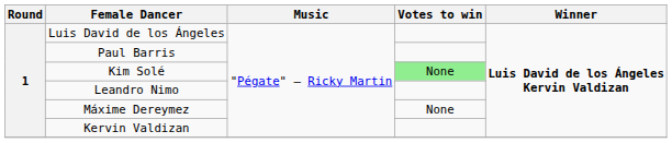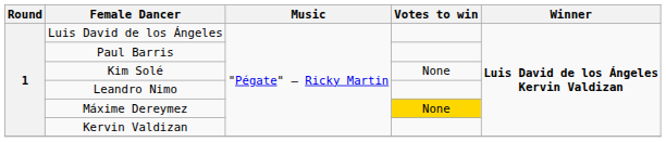 <table class="wikitable" style="text-align:center">
 <tr>
 <th>Round</th>
 <th>Female Dancer</th>
 <th>Music</th>
 <th>Votes to win</th>
 <th>Winner</th>
 </tr>
 <tr>
 <th rowspan=6>1</th>
 <td> Luis David de los Ángeles</td>
 <td rowspan=6>"<a href='#'>Pégate</a>" – <a href='#'>Ricky Martin</a></td>
 <td>       </td>
 <td rowspan=6><strong>Luis David de los Ángeles</strong><br><strong>Kervin Valdizan</strong></td>
 </tr>
 <tr>
 <td> Paul Barris</td>
 <td> </td>
 </tr>
 <tr>
 <td> Kim Solé</td>
-<td style="background: lightgreen;">None</td>
+<td>None</td>
 </tr>
 <tr>
 <td> Leandro Nimo</td>
 <td> </td>
 </tr>
 <tr>
 <td> Máxime Dereymez</td>
-<td>None</td>
+<td style="background: gold;">None</td>
 </tr>
 <tr>
 <td> Kervin Valdizan</td>
 <td>       </td>
 </tr>
 <tr>
 </tr>
 </table>
